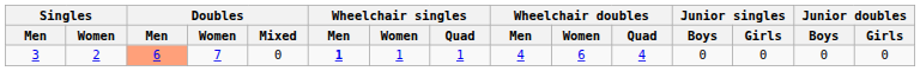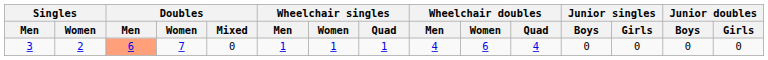 <table class="wikitable nowrap" style="text-align: center; width: 60%;">
 <tr>
 <th colspan="2">Singles</th>
 <th colspan="3">Doubles</th>
 <th colspan="3">Wheelchair singles</th>
 <th colspan="3">Wheelchair doubles</th>
 <th colspan="2">Junior singles</th>
 <th colspan="2">Junior doubles</th>
 </tr>
 <tr>
 <th width="50">Men</th>
 <th width="50">Women</th>
 <th width="50">Men</th>
 <th width="50">Women</th>
 <th width="50">Mixed</th>
 <th width="50">Men</th>
 <th width="50">Women</th>
 <th width="50">Quad</th>
 <th width="50">Men</th>
 <th width="50">Women</th>
 <th width="50">Quad</th>
 <th width="50">Boys</th>
 <th width="50">Girls</th>
 <th width="50">Boys</th>
 <th width="50">Girls</th>
 </tr>
 <tr>
 <td><a href='#'>3</a></td>
 <td><a href='#'>2</a></td>
 <td style="background: lightsalmon;"><a href='#'>6</a></td>
 <td><a href='#'>7</a></td>
 <td>0</td>
-<td><strong><a href='#'>1</a></strong></td>
+<td><a href='#'>1</a></td>
 <td><a href='#'>1</a></td>
 <td><a href='#'>1</a></td>
 <td><a href='#'>4</a></td>
 <td><a href='#'>6</a></td>
 <td><a href='#'>4</a></td>
 <td>0</td>
 <td>0</td>
 <td>0</td>
 <td>0</td>
 </tr>
 </table>
